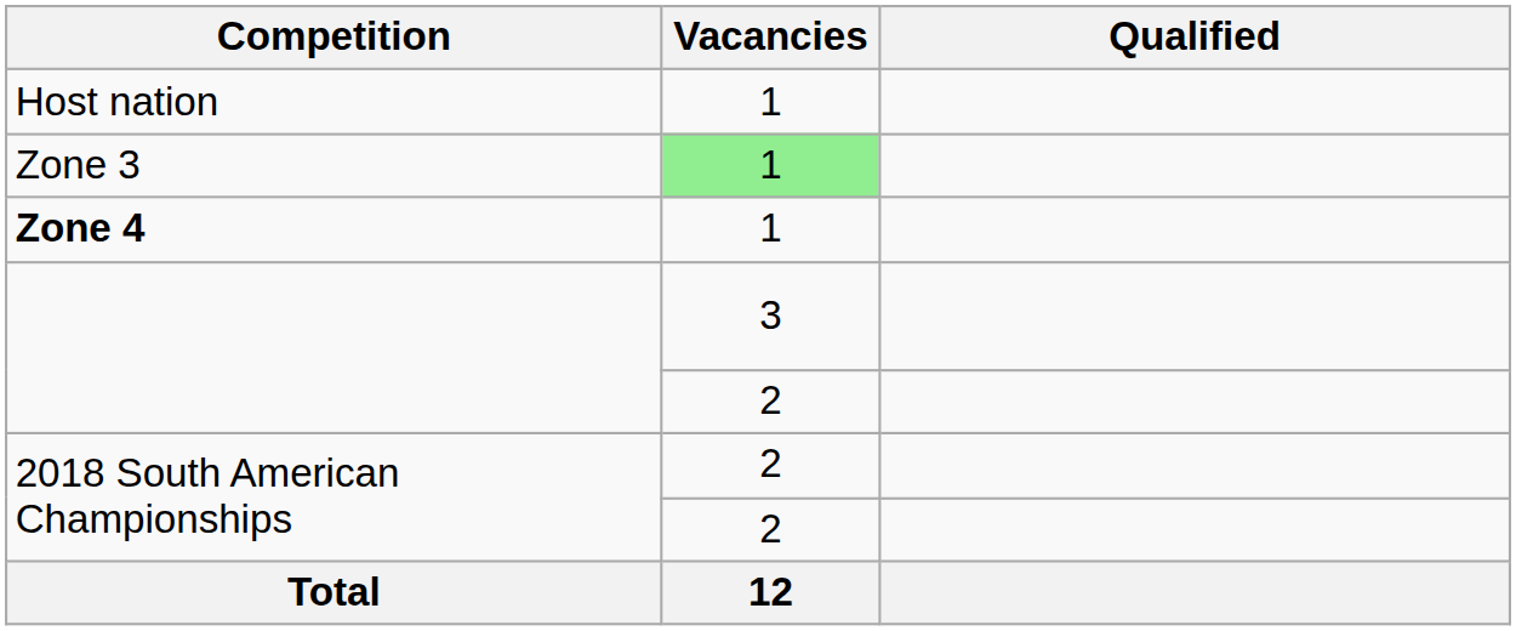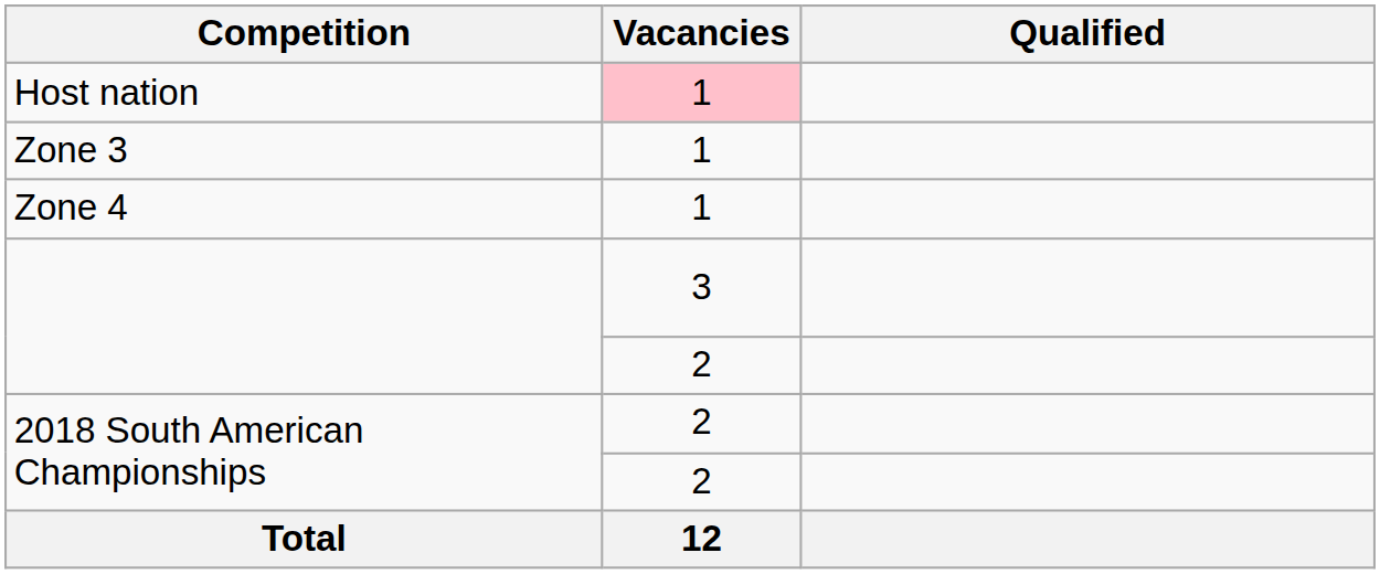 <table class = "wikitable" width=600>
 <tr>
 <th width=300>Competition</th>
 <th width=80>Vacancies</th>
 <th width=300>Qualified</th>
 </tr>
 <tr>
 <td>Host nation</td>
+<td align="center" style="background: pink;">1</td>
+<td></td>
+</tr>
+<tr>
+<td>Zone 3</td>
 <td align="center">1</td>
 <td></td>
 </tr>
 <tr>
-<td>Zone 3</td>
-<td align="center" style="background: lightgreen;">1</td>
-<td></td>
-</tr>
-<tr>
-<td><strong>Zone 4</strong></td>
+<td>Zone 4</td>
 <td align="center">1</td>
 <td></td>
 </tr>
 <tr>
 <td rowspan="2"></td>
 <td align="center">3</td>
 <td><br><br></td>
 </tr>
 <tr>
 <td align="center">2</td>
 <td><br></td>
 </tr>
 <tr>
 <td rowspan="2">2018 South American Championships</td>
 <td align="center">2</td>
 <td><br></td>
 </tr>
 <tr>
 <td align="center">2</td>
 <td><br></td>
 </tr>
 <tr>
 <th>Total</th>
 <th>12</th>
 <th></th>
 </tr>
 </table>
